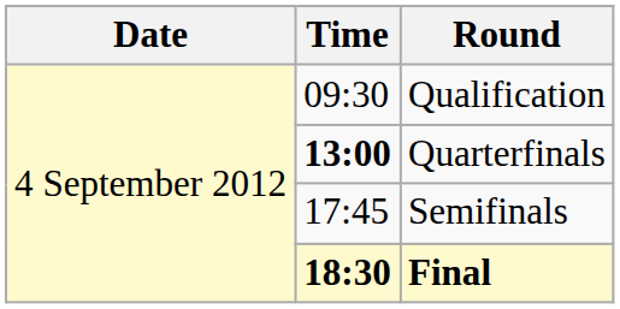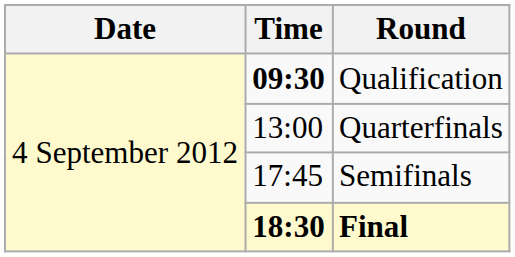 <table class="wikitable">
 <tr>
 <th>Date</th>
 <th>Time</th>
 <th>Round</th>
 </tr>
 <tr>
 <td style=background:lemonchiffon rowspan=4>4 September 2012</td>
-<td>09:30</td>
+<td><strong>09:30</strong></td>
 <td>Qualification</td>
 </tr>
 <tr>
-<td><strong>13:00</strong></td>
+<td>13:00</td>
 <td>Quarterfinals</td>
 </tr>
 <tr>
 <td>17:45</td>
 <td>Semifinals</td>
 </tr>
 <tr>
 <td style=background:lemonchiffon><strong>18:30</strong></td>
 <td style=background:lemonchiffon><strong>Final</strong></td>
 </tr>
 </table>
